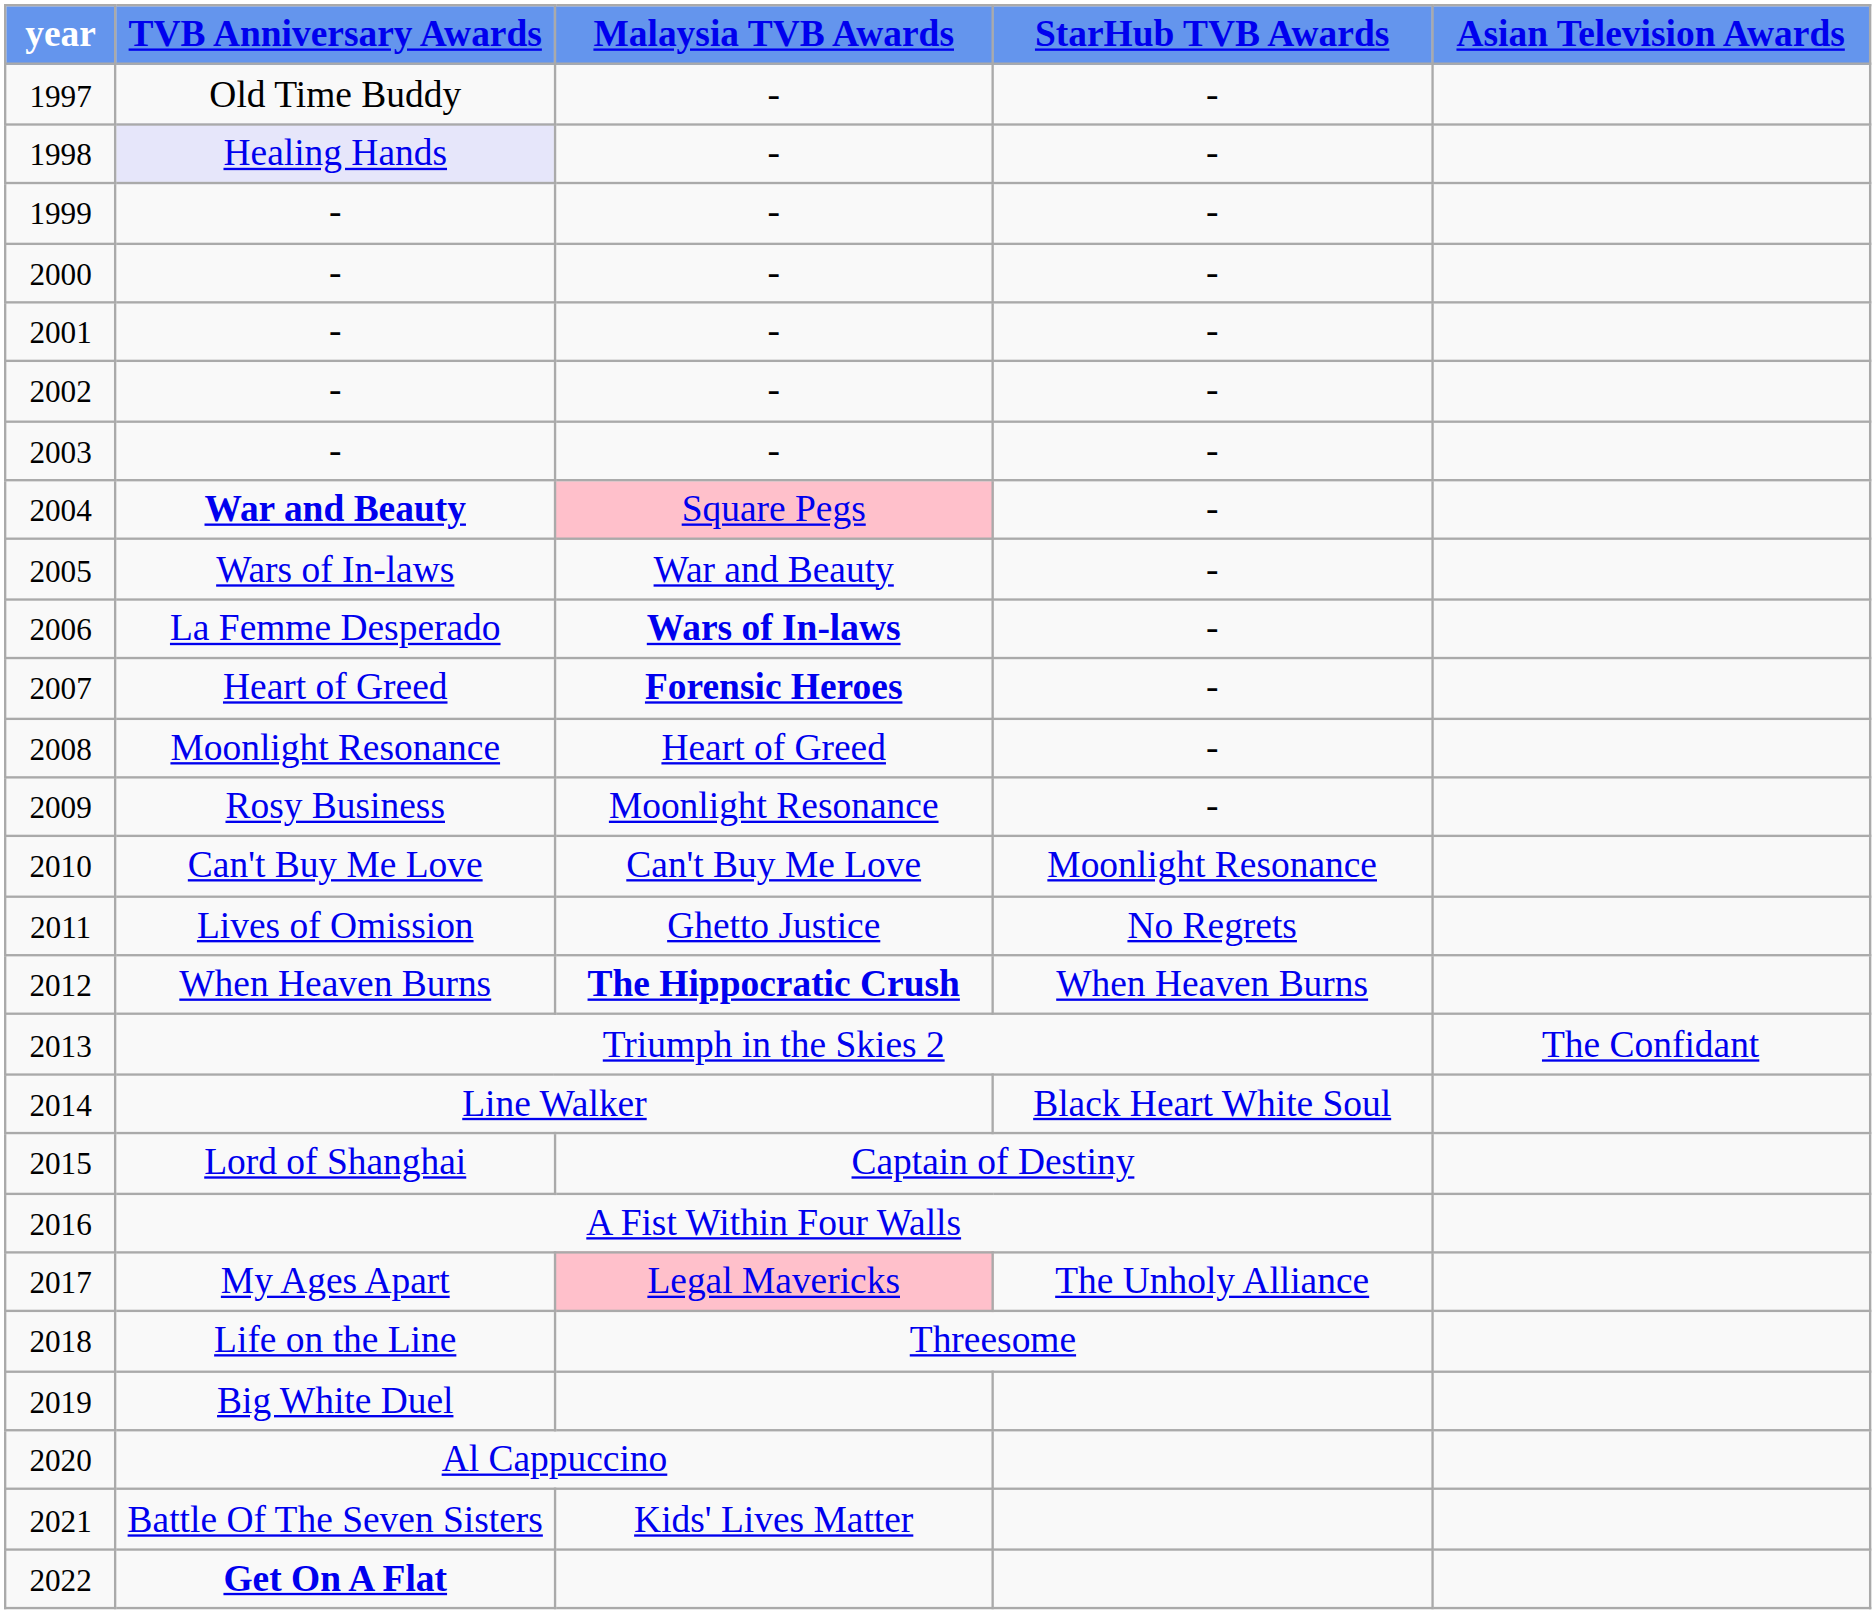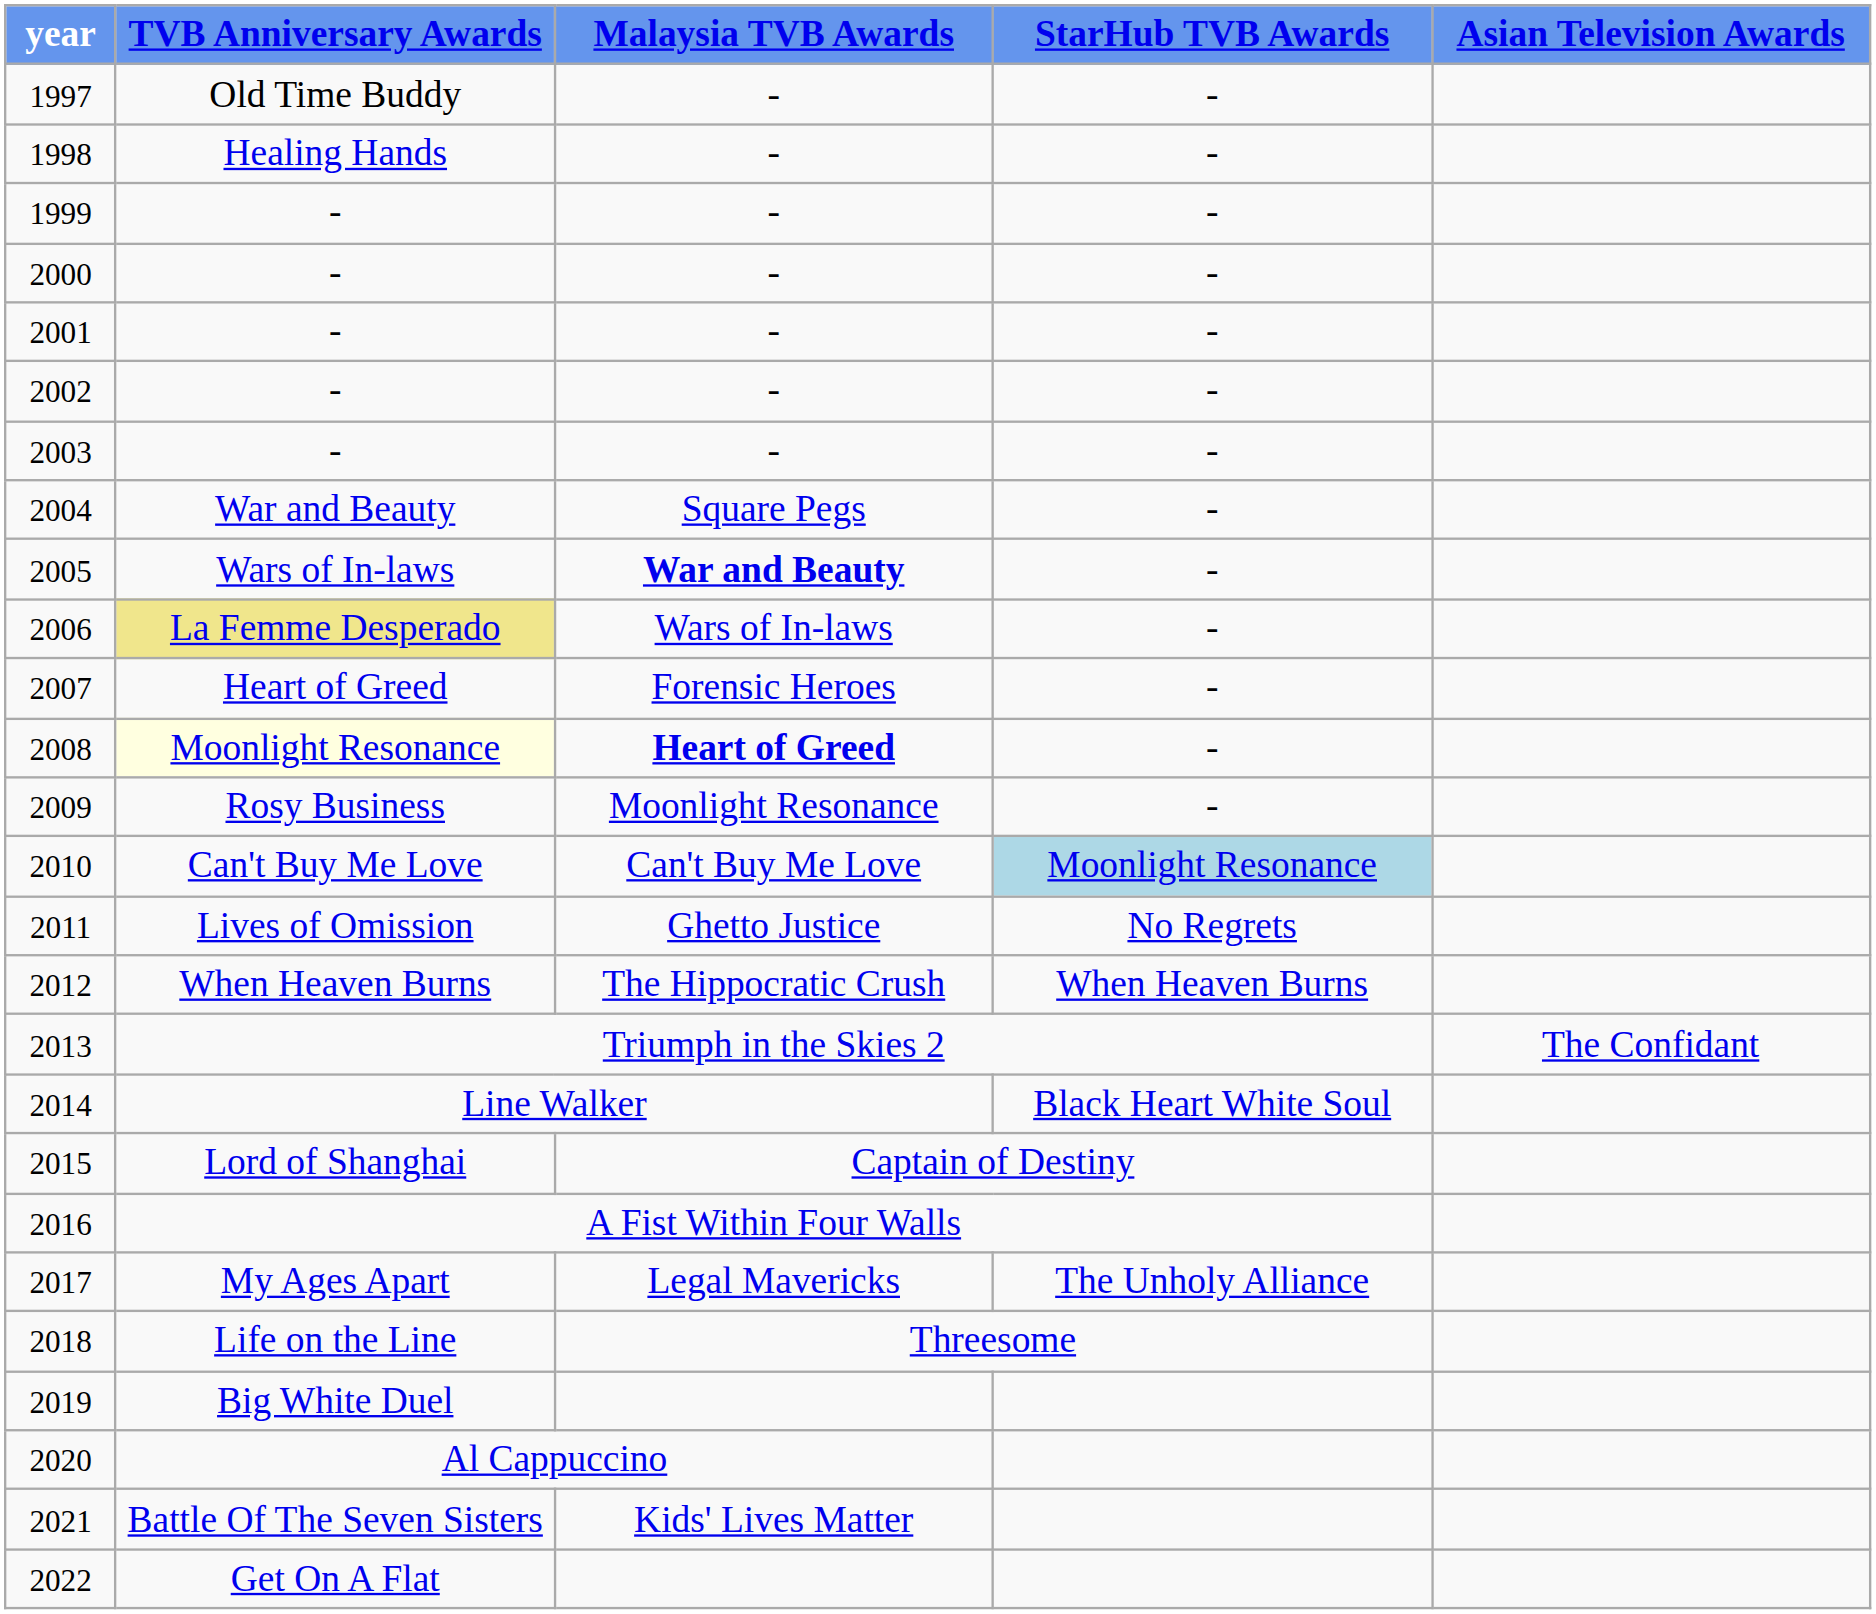 <table class="wikitable" style="text-align:center;">
 <tr>
 <th width=40 style="background:cornflowerblue; color:white;">year</th>
 <th width=180 style="background:cornflowerblue; color:white;"><a href='#'>TVB Anniversary Awards</a></th>
 <th width=180 style="background:cornflowerblue; color:white;"><a href='#'>Malaysia TVB Awards</a></th>
 <th width=180 style="background:cornflowerblue; color:white;"><a href='#'>StarHub TVB Awards</a></th>
 <th width=180 style="background:cornflowerblue; color:white;"><a href='#'>Asian Television Awards</a></th>
 </tr>
 <tr>
 <td><small>1997</small></td>
 <td>Old Time Buddy</td>
 <td>-</td>
 <td>-</td>
 <td></td>
 </tr>
 <tr>
 <td><small>1998</small></td>
-<td style="background: lavender;"><a href='#'>Healing Hands</a></td>
+<td><a href='#'>Healing Hands</a></td>
 <td>-</td>
 <td>-</td>
 <td></td>
 </tr>
 <tr>
 <td><small>1999</small></td>
 <td>-</td>
 <td>-</td>
 <td>-</td>
 <td></td>
 </tr>
 <tr>
 <td><small>2000</small></td>
 <td>-</td>
 <td>-</td>
 <td>-</td>
 <td></td>
 </tr>
 <tr>
 <td><small>2001</small></td>
 <td>-</td>
 <td>-</td>
 <td>-</td>
 <td></td>
 </tr>
 <tr>
 <td><small>2002</small></td>
 <td>-</td>
 <td>-</td>
 <td>-</td>
 <td></td>
 </tr>
 <tr>
 <td><small>2003</small></td>
 <td>-</td>
 <td>-</td>
 <td>-</td>
 <td></td>
 </tr>
 <tr>
 <td><small>2004</small></td>
-<td><strong><a href='#'>War and Beauty</a></strong></td>
-<td style="background: pink;"><a href='#'>Square Pegs</a></td>
+<td><a href='#'>War and Beauty</a></td>
+<td><a href='#'>Square Pegs</a></td>
 <td>-</td>
 <td></td>
 </tr>
 <tr>
 <td><small>2005</small></td>
 <td><a href='#'>Wars of In-laws</a></td>
-<td><a href='#'>War and Beauty</a></td>
+<td><strong><a href='#'>War and Beauty</a></strong></td>
 <td>-</td>
 <td></td>
 </tr>
 <tr>
 <td><small>2006</small></td>
-<td><a href='#'>La Femme Desperado</a></td>
-<td><strong><a href='#'>Wars of In-laws</a></strong></td>
+<td style="background: khaki;"><a href='#'>La Femme Desperado</a></td>
+<td><a href='#'>Wars of In-laws</a></td>
 <td>-</td>
 <td></td>
 </tr>
 <tr>
 <td><small>2007</small></td>
 <td><a href='#'>Heart of Greed</a></td>
-<td><strong><a href='#'>Forensic Heroes</a></strong></td>
+<td><a href='#'>Forensic Heroes</a></td>
 <td>-</td>
 <td></td>
 </tr>
 <tr>
 <td><small>2008</small></td>
-<td><a href='#'>Moonlight Resonance</a></td>
-<td><a href='#'>Heart of Greed</a></td>
+<td style="background: lightyellow;"><a href='#'>Moonlight Resonance</a></td>
+<td><strong><a href='#'>Heart of Greed</a></strong></td>
 <td>-</td>
 <td></td>
 </tr>
 <tr>
 <td><small>2009</small></td>
 <td><a href='#'>Rosy Business</a></td>
 <td><a href='#'>Moonlight Resonance</a></td>
 <td>-</td>
 <td></td>
 </tr>
 <tr>
 <td><small>2010</small></td>
 <td><a href='#'>Can't Buy Me Love</a></td>
 <td><a href='#'>Can't Buy Me Love</a></td>
-<td><a href='#'>Moonlight Resonance</a></td>
+<td style="background: lightblue;"><a href='#'>Moonlight Resonance</a></td>
 <td></td>
 </tr>
 <tr>
 <td><small>2011</small></td>
 <td><a href='#'>Lives of Omission</a></td>
 <td><a href='#'>Ghetto Justice</a></td>
 <td><a href='#'>No Regrets</a></td>
 <td></td>
 </tr>
 <tr>
 <td><small>2012</small></td>
 <td><a href='#'>When Heaven Burns</a></td>
-<td><strong><a href='#'>The Hippocratic Crush</a></strong></td>
+<td><a href='#'>The Hippocratic Crush</a></td>
 <td><a href='#'>When Heaven Burns</a></td>
 <td></td>
 </tr>
 <tr>
 <td><small>2013</small></td>
 <td colspan="3"><a href='#'>Triumph in the Skies 2</a></td>
 <td><a href='#'>The Confidant</a></td>
 </tr>
 <tr>
 <td><small>2014</small></td>
 <td colspan="2"><a href='#'>Line Walker</a></td>
 <td><a href='#'>Black Heart White Soul</a></td>
 <td></td>
 </tr>
 <tr>
 <td><small>2015</small></td>
 <td><a href='#'>Lord of Shanghai</a></td>
 <td colspan="2"><a href='#'>Captain of Destiny</a></td>
 <td></td>
 </tr>
 <tr>
 <td><small>2016</small></td>
 <td colspan="3"><a href='#'>A Fist Within Four Walls</a></td>
 <td></td>
 </tr>
 <tr>
 <td><small>2017</small></td>
 <td><a href='#'>My Ages Apart</a></td>
-<td style="background: pink;"><a href='#'>Legal Mavericks</a></td>
+<td><a href='#'>Legal Mavericks</a></td>
 <td><a href='#'>The Unholy Alliance</a></td>
 <td></td>
 </tr>
 <tr>
 <td><small>2018</small></td>
 <td><a href='#'>Life on the Line</a></td>
 <td colspan="2"><a href='#'>Threesome</a></td>
 <td></td>
 </tr>
 <tr>
 <td><small>2019</small></td>
 <td><a href='#'>Big White Duel</a></td>
 <td></td>
 <td></td>
 <td></td>
 </tr>
 <tr>
 <td><small>2020</small></td>
 <td colspan="2"><a href='#'>Al Cappuccino</a></td>
 <td></td>
 <td></td>
 </tr>
 <tr>
 <td><small>2021</small></td>
 <td><a href='#'>Battle Of The Seven Sisters</a></td>
 <td><a href='#'>Kids' Lives Matter</a></td>
 <td></td>
 <td></td>
 </tr>
 <tr>
 <td><small>2022</small></td>
-<td><strong><a href='#'>Get On A Flat</a></strong></td>
+<td><a href='#'>Get On A Flat</a></td>
 <td></td>
 <td></td>
 <td></td>
 </tr>
 </table>
